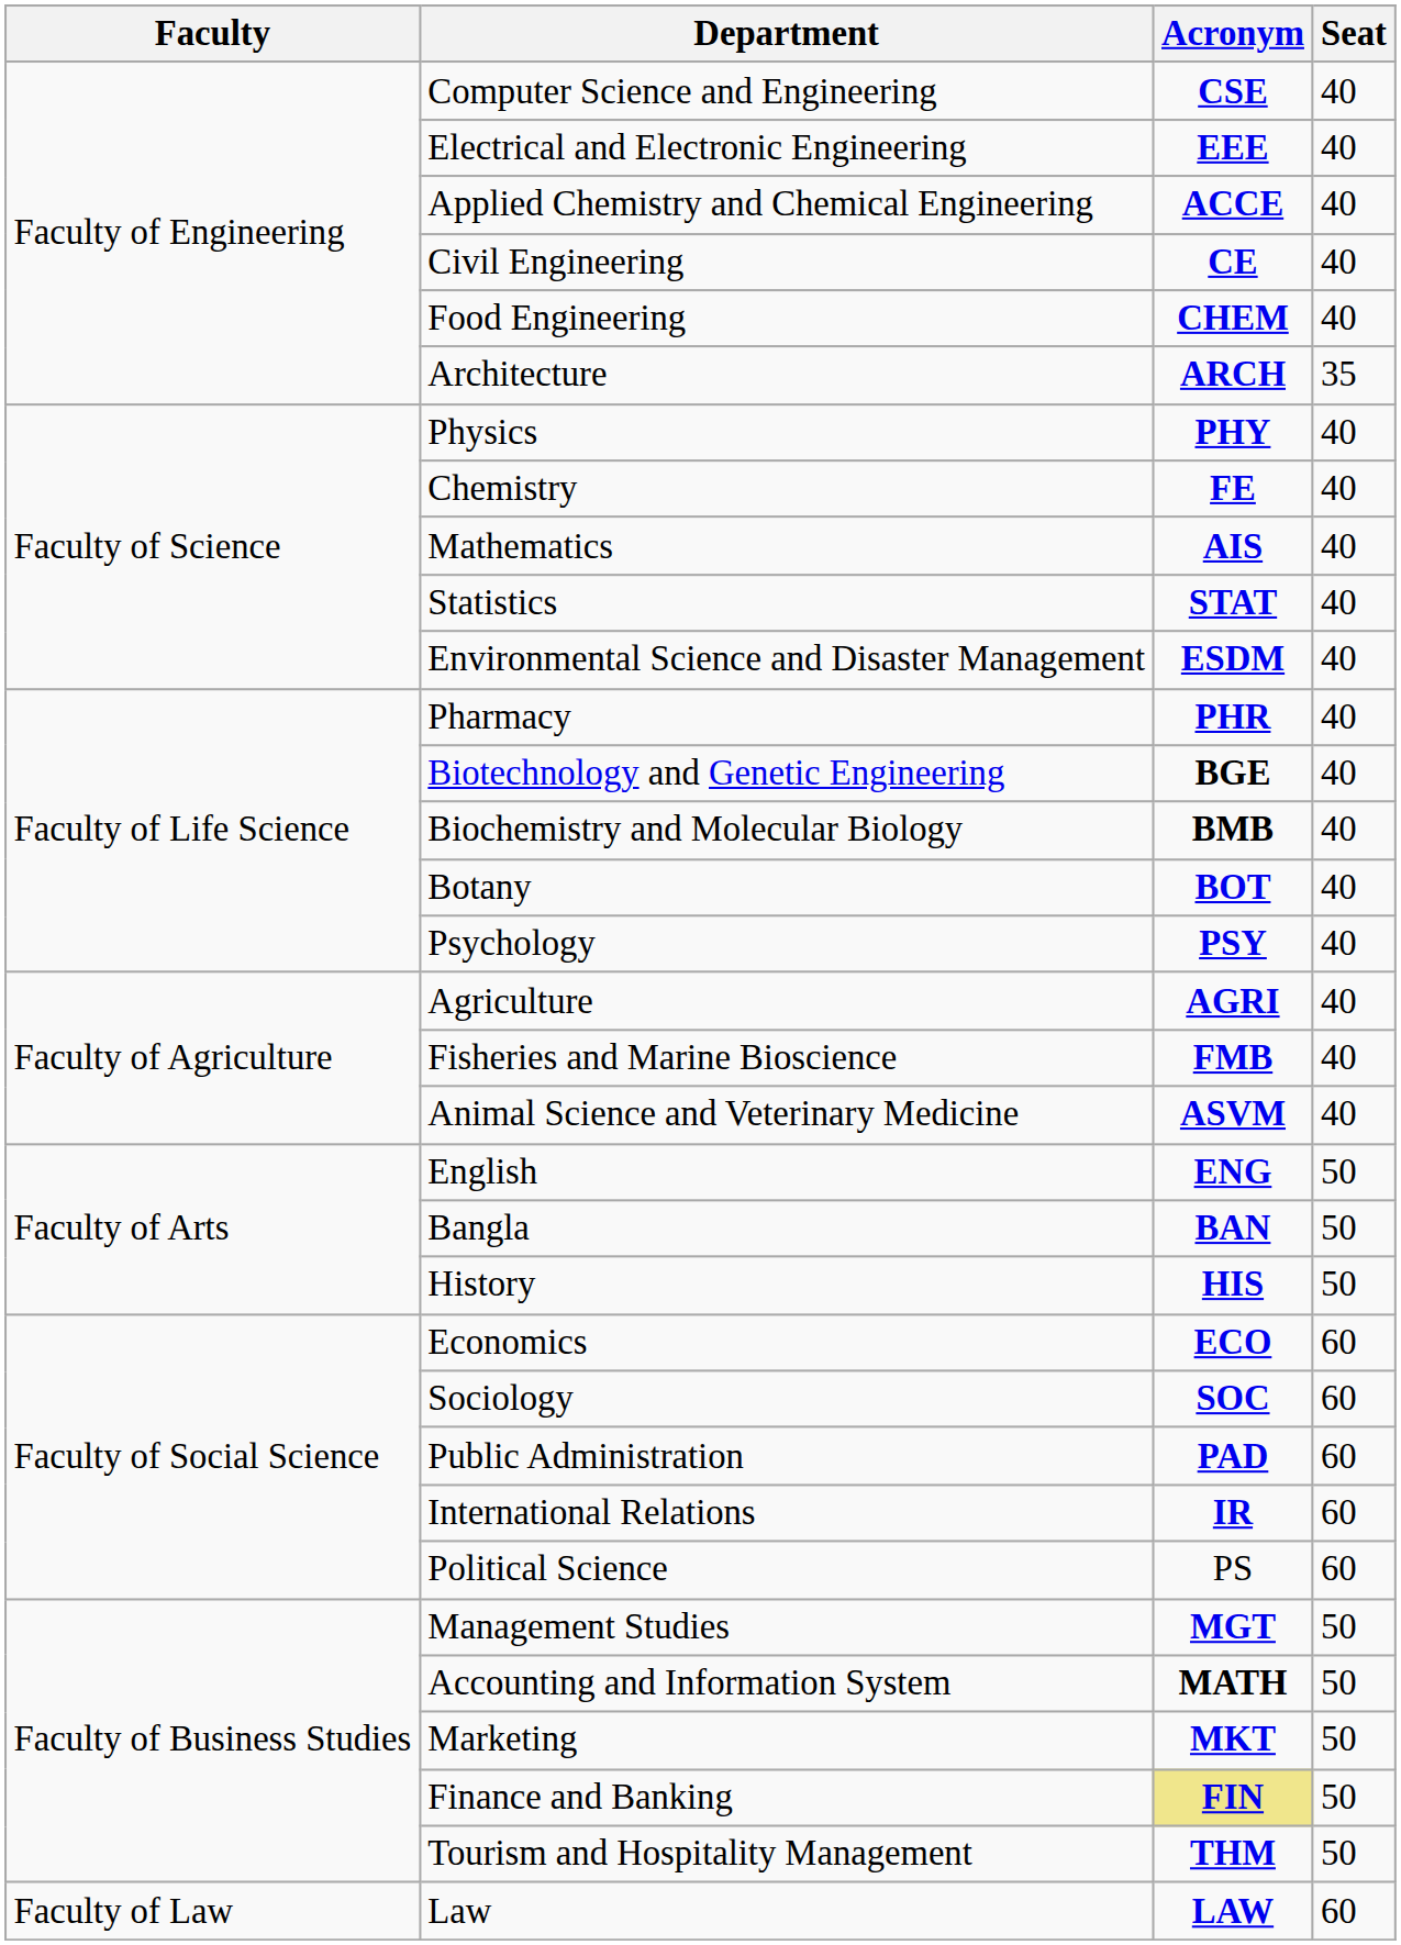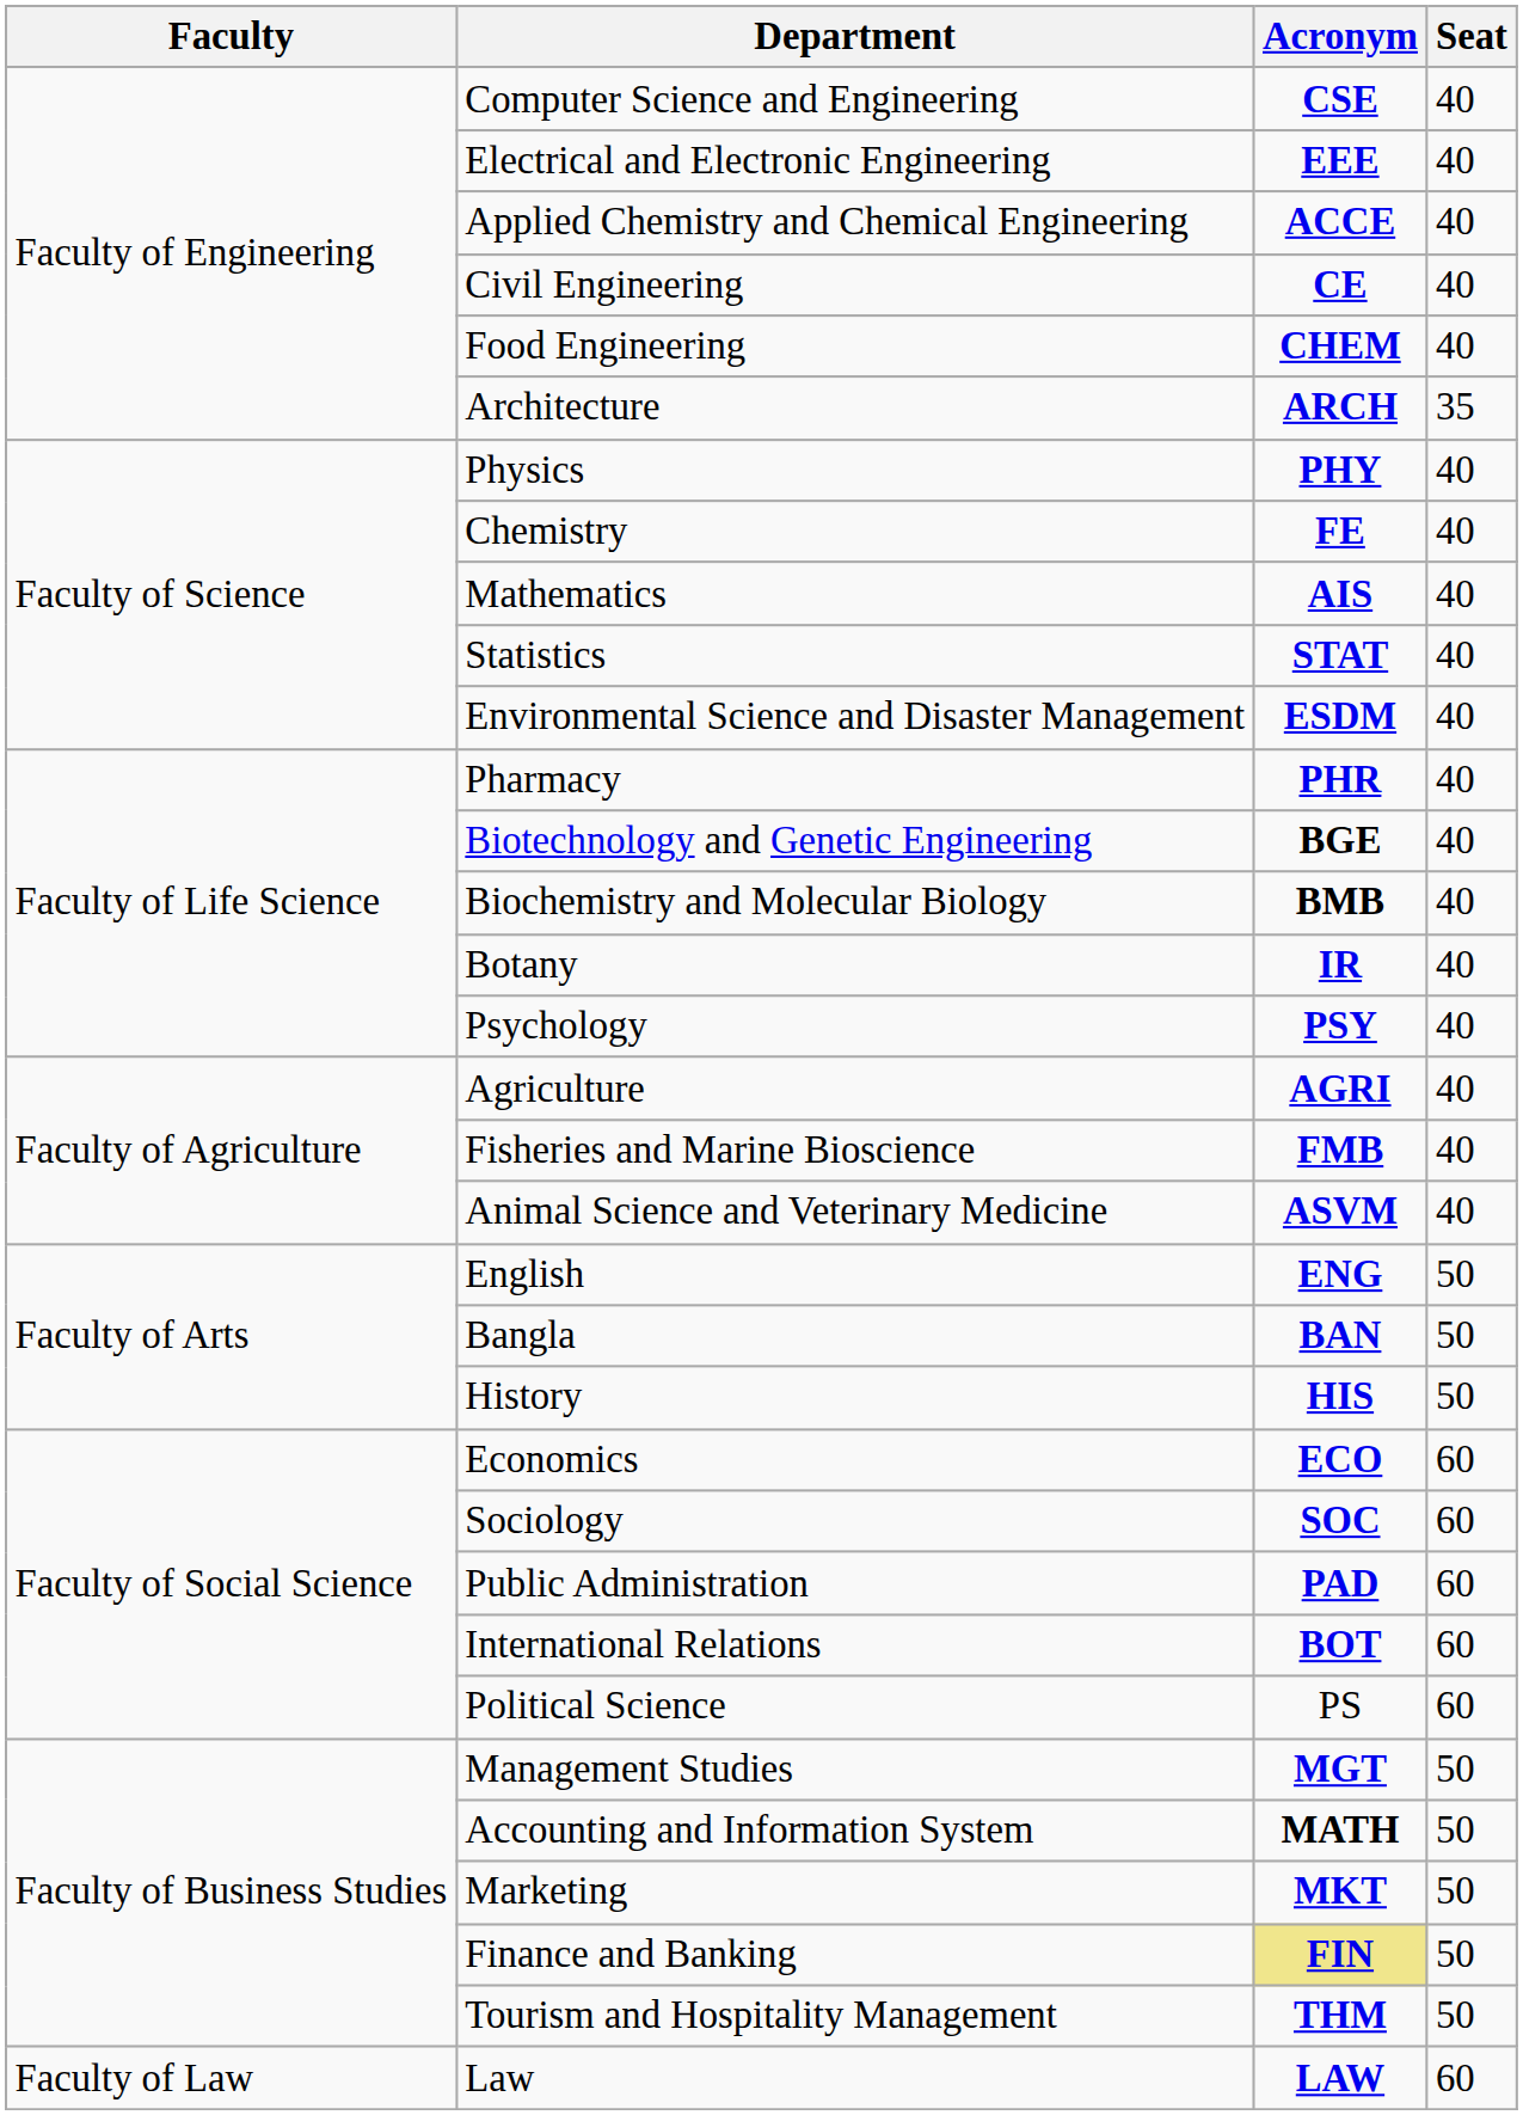 <table class = "wikitable sortable">
 <tr>
 <th class="unsortable">Faculty</th>
 <th class="unsortable">Department</th>
 <th class="unsortable"><a href='#'>Acronym</a></th>
 <th>Seat</th>
 </tr>
 <tr>
 <td rowspan=6>Faculty of Engineering</td>
 <td>Computer Science and Engineering</td>
 <td style="text-align:center"><strong><a href='#'>CSE</a></strong></td>
 <td>40</td>
 </tr>
 <tr>
 <td>Electrical and Electronic Engineering</td>
 <td style="text-align:center"><strong><a href='#'>EEE</a></strong></td>
 <td>40</td>
 </tr>
 <tr>
 <td>Applied Chemistry and Chemical Engineering</td>
 <td style="text-align:center"><strong><a href='#'>ACCE</a></strong></td>
 <td>40</td>
 </tr>
 <tr>
 <td>Civil Engineering</td>
 <td style="text-align:center"><strong><a href='#'>CE</a></strong></td>
 <td>40</td>
 </tr>
 <tr>
 <td>Food Engineering</td>
 <td style="text-align:center"><strong><a href='#'>CHEM</a></strong></td>
 <td>40</td>
 </tr>
 <tr>
 <td>Architecture</td>
 <td style="text-align:center"><strong><a href='#'>ARCH</a></strong></td>
 <td>35</td>
 </tr>
 <tr>
 <td rowspan=5>Faculty of Science</td>
 <td>Physics</td>
 <td style="text-align:center"><strong><a href='#'>PHY</a></strong></td>
 <td>40</td>
 </tr>
 <tr>
 <td>Chemistry</td>
 <td style="text-align:center"><strong><a href='#'>FE</a></strong></td>
 <td>40</td>
 </tr>
 <tr>
 <td>Mathematics</td>
 <td style="text-align:center"><strong><a href='#'>AIS</a></strong></td>
 <td>40</td>
 </tr>
 <tr>
 <td>Statistics</td>
 <td style="text-align:center"><strong><a href='#'>STAT</a></strong></td>
 <td>40</td>
 </tr>
 <tr>
 <td>Environmental Science and Disaster Management</td>
 <td style="text-align:center"><strong><a href='#'>ESDM</a></strong></td>
 <td>40</td>
 </tr>
 <tr>
 <td rowspan=5>Faculty of Life Science</td>
 <td>Pharmacy</td>
 <td style="text-align:center"><strong><a href='#'>PHR</a></strong></td>
 <td>40</td>
 </tr>
 <tr>
 <td><a href='#'>Biotechnology</a> and <a href='#'>Genetic Engineering</a></td>
 <td style="text-align:center"><strong>BGE</strong></td>
 <td>40</td>
 </tr>
 <tr>
 <td>Biochemistry and Molecular Biology</td>
 <td style="text-align:center"><strong>BMB</strong></td>
 <td>40</td>
 </tr>
 <tr>
 <td>Botany</td>
-<td style="text-align:center"><strong><a href='#'>BOT</a></strong></td>
+<td style="text-align:center"><strong><a href='#'>IR</a></strong></td>
 <td>40</td>
 </tr>
 <tr>
 <td>Psychology</td>
 <td style="text-align:center"><strong><a href='#'>PSY</a></strong></td>
 <td>40</td>
 </tr>
 <tr>
 <td rowspan=3>Faculty of Agriculture</td>
 <td>Agriculture</td>
 <td style="text-align:center"><strong><a href='#'>AGRI</a></strong></td>
 <td>40</td>
 </tr>
 <tr>
 <td>Fisheries and Marine Bioscience</td>
 <td style="text-align:center"><strong><a href='#'>FMB</a></strong></td>
 <td>40</td>
 </tr>
 <tr>
 <td>Animal Science and Veterinary Medicine</td>
 <td style="text-align:center"><strong><a href='#'>ASVM</a></strong></td>
 <td>40</td>
 </tr>
 <tr>
 <td rowspan=3>Faculty of Arts</td>
 <td>English</td>
 <td style="text-align:center"><strong><a href='#'>ENG</a></strong></td>
 <td>50</td>
 </tr>
 <tr>
 <td>Bangla</td>
 <td style="text-align:center"><strong><a href='#'>BAN</a></strong></td>
 <td>50</td>
 </tr>
 <tr>
 <td>History</td>
 <td style="text-align:center"><strong><a href='#'>HIS</a></strong></td>
 <td>50</td>
 </tr>
 <tr>
 <td rowspan=5>Faculty of Social Science</td>
 <td>Economics</td>
 <td style="text-align:center"><strong><a href='#'>ECO</a></strong></td>
 <td>60</td>
 </tr>
 <tr>
 <td>Sociology</td>
 <td style="text-align:center"><strong><a href='#'>SOC</a></strong></td>
 <td>60</td>
 </tr>
 <tr>
 <td>Public Administration</td>
 <td style="text-align:center"><strong><a href='#'>PAD</a></strong></td>
 <td>60</td>
 </tr>
 <tr>
 <td>International Relations</td>
-<td style="text-align:center"><strong><a href='#'>IR</a></strong></td>
+<td style="text-align:center"><strong><a href='#'>BOT</a></strong></td>
 <td>60</td>
 </tr>
 <tr>
 <td>Political Science</td>
 <td style="text-align:center">PS</td>
 <td>60</td>
 </tr>
 <tr>
 <td rowspan=5>Faculty of Business Studies</td>
 <td>Management Studies</td>
 <td style="text-align:center"><strong><a href='#'>MGT</a></strong></td>
 <td>50</td>
 </tr>
 <tr>
 <td>Accounting and Information System</td>
 <td style="text-align:center"><strong>MATH</strong></td>
 <td>50</td>
 </tr>
 <tr>
 <td>Marketing</td>
 <td style="text-align:center"><strong><a href='#'>MKT</a></strong></td>
 <td>50</td>
 </tr>
 <tr>
 <td>Finance and Banking</td>
 <td style="background: khaki; text-align:center"><strong><a href='#'>FIN</a></strong></td>
 <td>50</td>
 </tr>
 <tr>
 <td>Tourism and Hospitality Management</td>
 <td style="text-align:center"><strong><a href='#'>THM</a></strong></td>
 <td>50</td>
 </tr>
 <tr>
 <td>Faculty of Law</td>
 <td>Law</td>
 <td style="text-align:center"><strong><a href='#'>LAW</a></strong></td>
 <td>60</td>
 </tr>
 <tr>
 </tr>
 </table>
